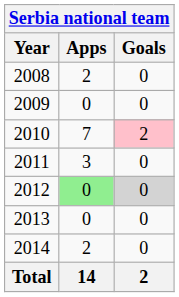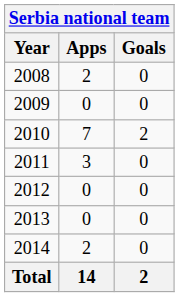 <table class="wikitable" style="text-align:center">
 <tr>
 <th colspan=3><a href='#'>Serbia national team</a></th>
 </tr>
 <tr>
 <th>Year</th>
 <th>Apps</th>
 <th>Goals</th>
 </tr>
 <tr>
 <td>2008</td>
 <td>2</td>
 <td>0</td>
 </tr>
 <tr>
 <td>2009</td>
 <td>0</td>
 <td>0</td>
 </tr>
 <tr>
 <td>2010</td>
 <td>7</td>
-<td style="background: pink;">2</td>
+<td>2</td>
 </tr>
 <tr>
 <td>2011</td>
 <td>3</td>
 <td>0</td>
 </tr>
 <tr>
 <td>2012</td>
-<td style="background: lightgreen;">0</td>
-<td style="background: lightgrey;">0</td>
+<td>0</td>
+<td>0</td>
 </tr>
 <tr>
 <td>2013</td>
 <td>0</td>
 <td>0</td>
 </tr>
 <tr>
 <td>2014</td>
 <td>2</td>
 <td>0</td>
 </tr>
 <tr>
 <th>Total</th>
 <th>14</th>
 <th>2</th>
 </tr>
 </table>
